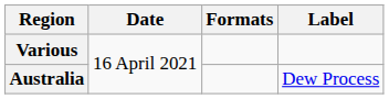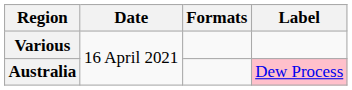 <table class="wikitable plainrowheaders">
 <tr>
 <th scope="col">Region</th>
 <th scope="col">Date</th>
 <th scope="col">Formats</th>
 <th scope="col">Label</th>
 </tr>
 <tr>
 <th scope="row">Various</th>
 <td rowspan="2">16 April 2021</td>
 <td></td>
 <td></td>
 </tr>
 <tr>
 <th scope="row">Australia</th>
 <td></td>
-<td><a href='#'>Dew Process</a></td>
+<td style="background: pink;"><a href='#'>Dew Process</a></td>
 </tr>
 </table>
